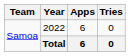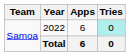 <table class="wikitable" style="text-align: center;">
 <tr>
 <th>Team</th>
 <th>Year</th>
 <th>Apps</th>
 <th>Tries</th>
 </tr>
 <tr>
 <td rowspan=2><a href='#'>Samoa</a></td>
 <td>2022</td>
 <td>6</td>
-<td>0</td>
+<td style="background: paleturquoise;">0</td>
 </tr>
 <tr>
 <th>Total</th>
 <th>6</th>
 <th>0</th>
 </tr>
 </table>
